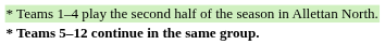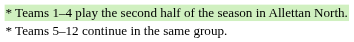 <table>
 <tr style="background: #D0F0C0;">
 <td>* Teams 1–4 play the second half of the season in Allettan North.</td>
 </tr>
 <tr>
-<td><strong>* Teams 5–12 continue in the same group.</strong></td>
+<td>* Teams 5–12 continue in the same group.</td>
 </tr>
 </table>
